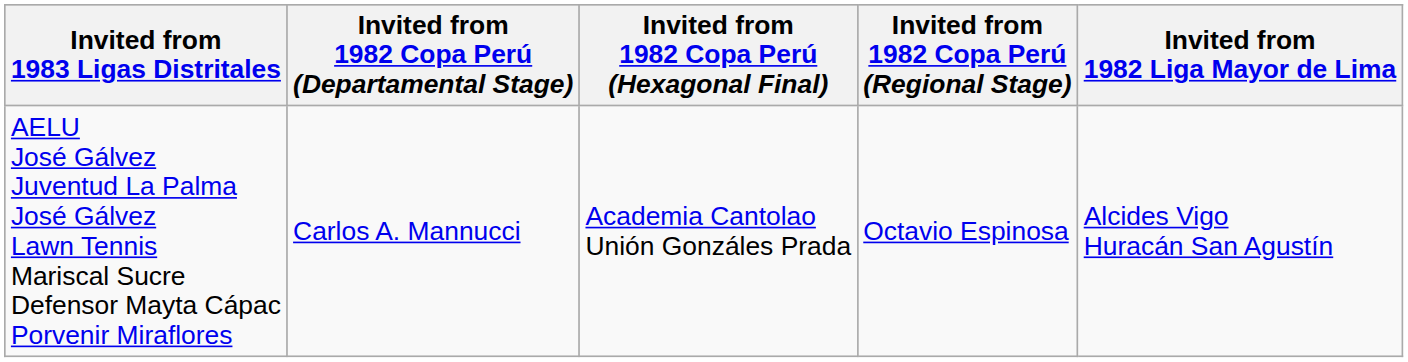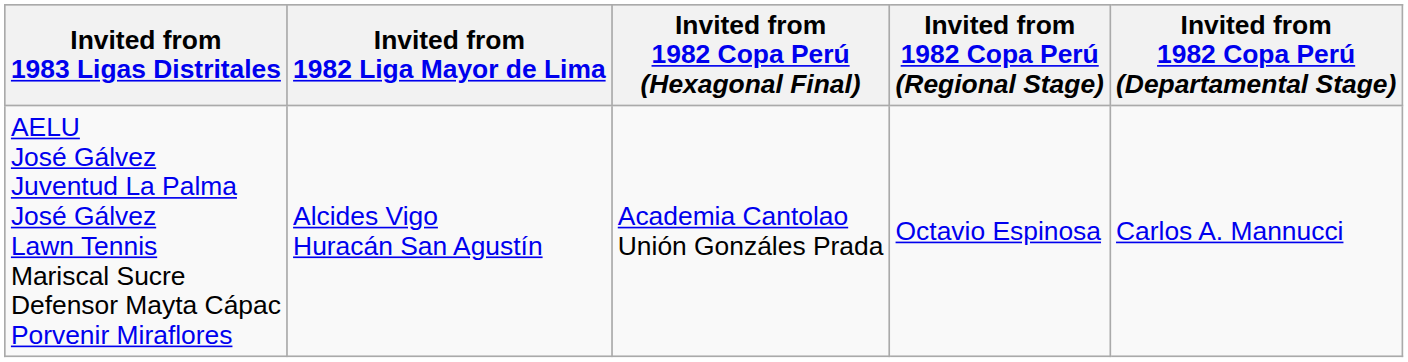 <table class="wikitable">
 <tr>
 <th>Invited from<br><a href='#'>1983 Ligas Distritales</a></th>
-<th>Invited from<br><a href='#'>1982 Copa Perú</a><br><em>(Departamental Stage)</em></th>
+<th>Invited from<br><a href='#'>1982 Liga Mayor de Lima</a></th>
 <th>Invited from<br><a href='#'>1982 Copa Perú</a><br><em>(Hexagonal Final)</em></th>
 <th>Invited from<br><a href='#'>1982 Copa Perú</a><br><em>(Regional Stage)</em></th>
-<th>Invited from<br><a href='#'>1982 Liga Mayor de Lima</a></th>
+<th>Invited from<br><a href='#'>1982 Copa Perú</a><br><em>(Departamental Stage)</em></th>
 </tr>
 <tr>
 <td> <a href='#'>AELU</a> <br> <a href='#'>José Gálvez</a> <br> <a href='#'>Juventud La Palma</a> <br> <a href='#'>José Gálvez</a> <br> <a href='#'>Lawn Tennis</a> <br> Mariscal Sucre <br> Defensor Mayta Cápac <br> <a href='#'>Porvenir Miraflores</a> </td>
-<td> <a href='#'>Carlos A. Mannucci</a> </td>
+<td> <a href='#'>Alcides Vigo</a> <br> <a href='#'>Huracán San Agustín</a> </td>
 <td> <a href='#'>Academia Cantolao</a> <br> Unión Gonzáles Prada </td>
 <td> <a href='#'>Octavio Espinosa</a> </td>
-<td> <a href='#'>Alcides Vigo</a> <br> <a href='#'>Huracán San Agustín</a> </td>
+<td> <a href='#'>Carlos A. Mannucci</a> </td>
 </tr>
 </table>
